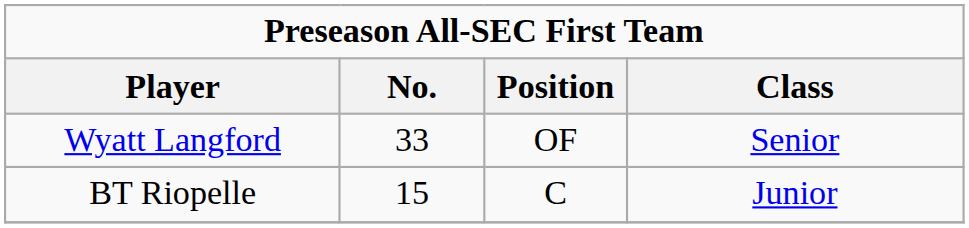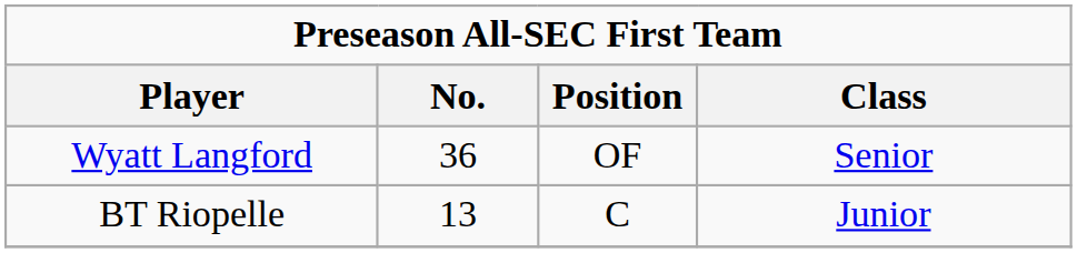 <table class="wikitable" style="text-align:center">
 <tr>
 <td colspan="5"><strong>Preseason All-SEC First Team</strong></td>
 </tr>
 <tr>
 <th style="width:150px; ">Player</th>
 <th style="width:60px; ">No.</th>
 <th style="width:60px; ">Position</th>
 <th style="width:150px; ">Class</th>
 </tr>
 <tr>
 <td><a href='#'>Wyatt Langford</a></td>
-<td>33</td>
+<td>36</td>
 <td>OF</td>
 <td><a href='#'>Senior</a></td>
 </tr>
 <tr>
 <td>BT Riopelle</td>
-<td>15</td>
+<td>13</td>
 <td>C</td>
 <td><a href='#'>Junior</a></td>
 </tr>
 <tr>
 </tr>
 </table>
